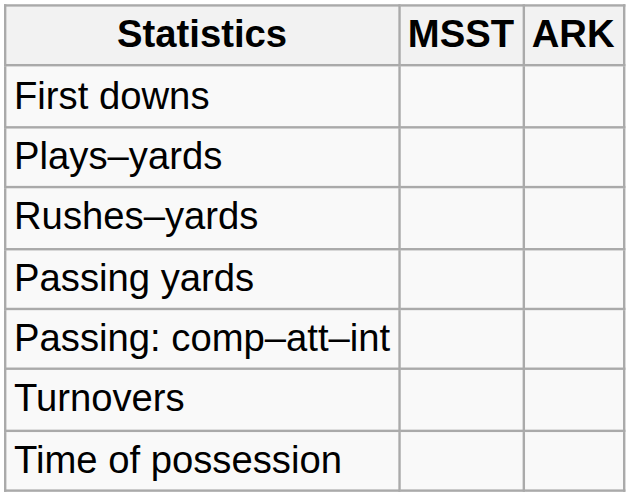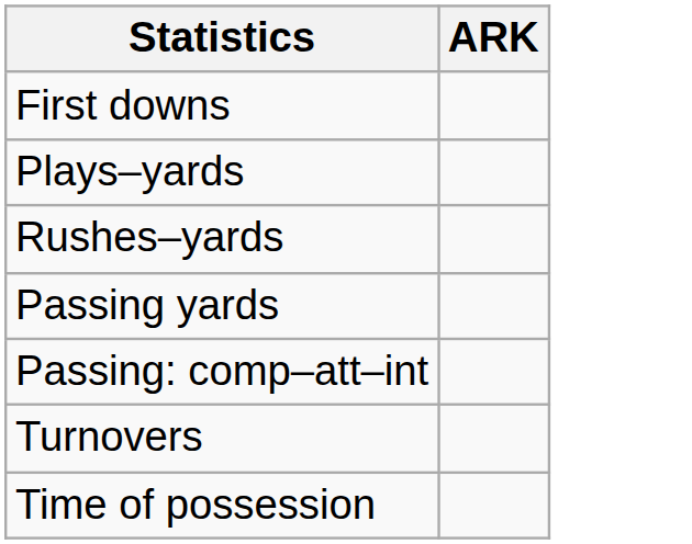 <table class="wikitable" style="float:left">
 <tr>
 <th>Statistics</th>
-<th>MSST</th>
 <th>ARK</th>
 </tr>
 <tr>
 <td>First downs</td>
 <td></td>
-<td></td>
 </tr>
 <tr>
 <td>Plays–yards</td>
-<td></td>
 <td></td>
 </tr>
 <tr>
 <td>Rushes–yards</td>
 <td></td>
-<td></td>
 </tr>
 <tr>
 <td>Passing yards</td>
-<td></td>
 <td></td>
 </tr>
 <tr>
 <td>Passing: comp–att–int</td>
 <td></td>
-<td></td>
 </tr>
 <tr>
 <td>Turnovers</td>
-<td></td>
 <td></td>
 </tr>
 <tr>
 <td>Time of possession</td>
 <td></td>
-<td></td>
 </tr>
 </table>
